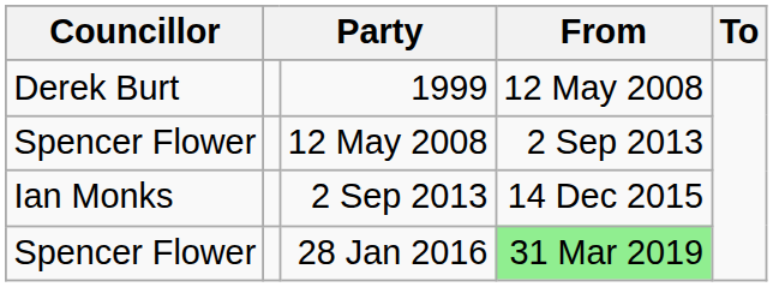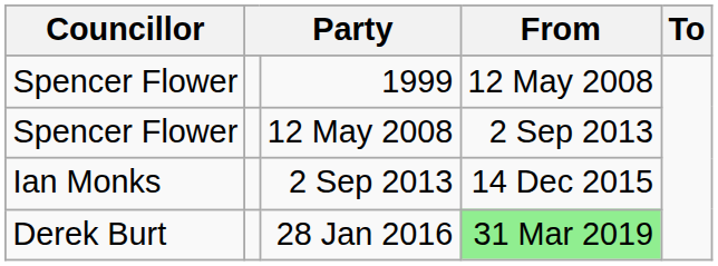 <table class=wikitable>
 <tr>
 <th>Councillor</th>
 <th colspan=2>Party</th>
 <th>From</th>
 <th>To</th>
 </tr>
 <tr>
-<td>Derek Burt</td>
+<td>Spencer Flower</td>
 <td></td>
 <td align=right>1999</td>
 <td align=right>12 May 2008</td>
 </tr>
 <tr>
 <td>Spencer Flower</td>
 <td></td>
 <td align=right>12 May 2008</td>
 <td align=right>2 Sep 2013</td>
 </tr>
 <tr>
 <td>Ian Monks</td>
 <td></td>
 <td align=right>2 Sep 2013</td>
 <td align=right>14 Dec 2015</td>
 </tr>
 <tr>
-<td>Spencer Flower</td>
+<td>Derek Burt</td>
 <td></td>
 <td align=right>28 Jan 2016</td>
 <td align=right style="background: lightgreen;">31 Mar 2019</td>
 </tr>
 </table>
